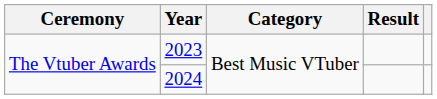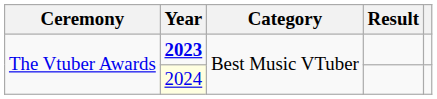 <table class="wikitable" style="text-align:center;">
 <tr>
 <th>Ceremony</th>
 <th>Year</th>
 <th>Category</th>
 <th>Result</th>
 <th></th>
 </tr>
 <tr>
 <td rowspan="2"><a href='#'>The Vtuber Awards</a></td>
-<td><a href='#'>2023</a></td>
+<td><strong><a href='#'>2023</a></strong></td>
 <td rowspan="2">Best Music VTuber</td>
 <td></td>
 <td></td>
 </tr>
 <tr>
-<td><a href='#'>2024</a></td>
+<td style="background: lightyellow;"><a href='#'>2024</a></td>
 <td></td>
 <td></td>
 </tr>
 </table>
